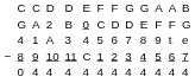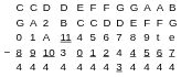 <table>
 <tr>
 <td></td>
 <td></td>
 <td>C</td>
 <td></td>
 <td>C</td>
 <td></td>
 <td>D</td>
 <td></td>
 <td>D</td>
 <td></td>
 <td>E</td>
 <td></td>
 <td>F</td>
 <td></td>
 <td>F</td>
 <td></td>
 <td>G</td>
 <td></td>
 <td>G</td>
 <td></td>
 <td>A</td>
 <td></td>
 <td>A</td>
 <td></td>
 <td>B</td>
 </tr>
 <tr>
 <td></td>
 <td></td>
 <td>G</td>
 <td></td>
 <td>A</td>
 <td></td>
 <td>2</td>
 <td></td>
 <td>B</td>
 <td></td>
-<td><u>0</u></td>
+<td>C</td>
 <td></td>
 <td>C</td>
 <td></td>
 <td>D</td>
 <td></td>
 <td>D</td>
 <td></td>
 <td>E</td>
 <td></td>
 <td>F</td>
 <td></td>
 <td>F</td>
 <td></td>
 <td>G</td>
 </tr>
 <tr>
 <td></td>
 <td></td>
-<td>4</td>
+<td>0</td>
 <td></td>
 <td>1</td>
 <td></td>
 <td>A</td>
 <td></td>
-<td>3</td>
+<td><u>11</u></td>
 <td></td>
 <td>4</td>
 <td></td>
 <td>5</td>
 <td></td>
 <td>6</td>
 <td></td>
 <td>7</td>
 <td></td>
 <td>8</td>
 <td></td>
 <td>9</td>
 <td></td>
 <td>t</td>
 <td></td>
 <td>e</td>
 </tr>
 <tr>
 <td>−</td>
 <td></td>
 <td><u>8</u></td>
 <td></td>
 <td><u>9</u></td>
 <td></td>
 <td><u>10</u></td>
 <td></td>
-<td><u>11</u></td>
+<td>3</td>
 <td></td>
-<td>C</td>
+<td><u>0</u></td>
 <td></td>
 <td><u>1</u></td>
 <td></td>
 <td><u>2</u></td>
 <td></td>
-<td><u>3</u></td>
+<td>4</td>
 <td></td>
 <td><u>4</u></td>
 <td></td>
 <td><u>5</u></td>
 <td></td>
 <td><u>6</u></td>
 <td></td>
 <td><u>7</u></td>
 </tr>
 <tr>
 <td></td>
-<td></td>
-<td>0</td>
 <td></td>
 <td>4</td>
 <td></td>
 <td>4</td>
 <td></td>
 <td>4</td>
 <td></td>
 <td>4</td>
 <td></td>
 <td>4</td>
 <td></td>
 <td>4</td>
 <td></td>
 <td>4</td>
 <td></td>
+<td><u>3</u></td>
+<td></td>
 <td>4</td>
 <td></td>
 <td>4</td>
 <td></td>
 <td>4</td>
 <td></td>
 <td>4</td>
 </tr>
 </table>
